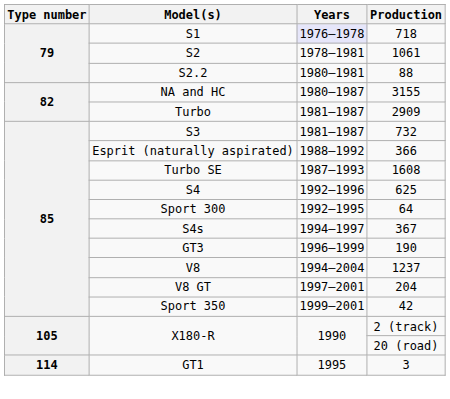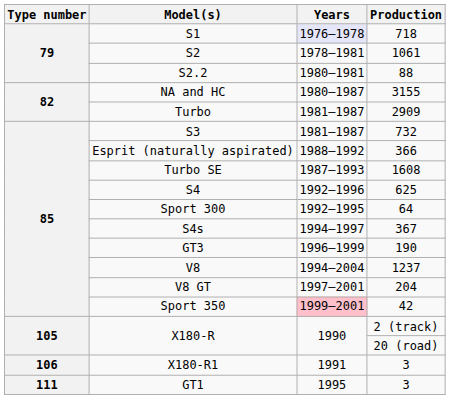 <table class="wikitable"  style="align:center; text-align:center">
 <tr>
 <th>Type number</th>
 <th>Model(s)</th>
 <th>Years</th>
 <th>Production</th>
 </tr>
 <tr>
 <th rowspan="3">79</th>
 <td>S1</td>
 <td style="background: lavender;">1976–1978</td>
 <td>718</td>
 </tr>
 <tr>
 <td>S2</td>
 <td>1978–1981</td>
 <td>1061</td>
 </tr>
 <tr>
 <td>S2.2</td>
 <td>1980–1981</td>
 <td>88</td>
 </tr>
 <tr>
 <th rowspan="2">82</th>
 <td>NA and HC</td>
 <td>1980–1987</td>
 <td>3155</td>
 </tr>
 <tr>
 <td>Turbo</td>
 <td>1981–1987</td>
 <td>2909</td>
 </tr>
 <tr>
 <th rowspan="10">85</th>
 <td>S3</td>
 <td>1981–1987</td>
 <td>732</td>
 </tr>
 <tr>
 <td>Esprit (naturally aspirated)</td>
 <td>1988–1992</td>
 <td>366</td>
 </tr>
 <tr>
 <td>Turbo SE</td>
 <td>1987–1993</td>
 <td>1608</td>
 </tr>
 <tr>
 <td>S4</td>
 <td>1992–1996</td>
 <td>625</td>
 </tr>
 <tr>
 <td>Sport 300</td>
 <td>1992–1995</td>
 <td>64</td>
 </tr>
 <tr>
 <td>S4s</td>
 <td>1994–1997</td>
 <td>367</td>
 </tr>
 <tr>
 <td>GT3</td>
 <td>1996–1999</td>
 <td>190</td>
 </tr>
 <tr>
 <td>V8</td>
 <td>1994–2004</td>
 <td>1237</td>
 </tr>
 <tr>
 <td>V8 GT</td>
 <td>1997–2001</td>
 <td>204</td>
 </tr>
 <tr>
 <td>Sport 350</td>
-<td>1999–2001</td>
+<td style="background: pink;">1999–2001</td>
 <td>42</td>
 </tr>
 <tr>
 <th rowspan="2">105</th>
 <td rowspan="2">X180-R</td>
 <td rowspan="2">1990</td>
 <td>2 (track)</td>
 </tr>
 <tr>
 <td>20 (road)</td>
 </tr>
 <tr>
-<th>114</th>
+<th>106</th>
+<td>X180-R1</td>
+<td>1991</td>
+<td>3</td>
+</tr>
+<tr>
+<th>111</th>
 <td>GT1</td>
 <td>1995</td>
 <td>3</td>
 </tr>
 </table>
